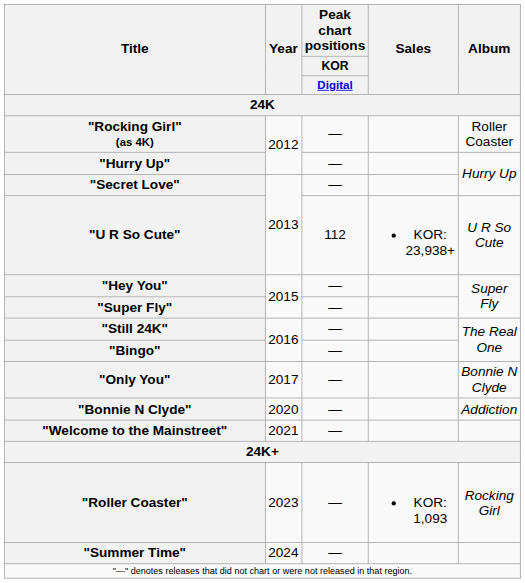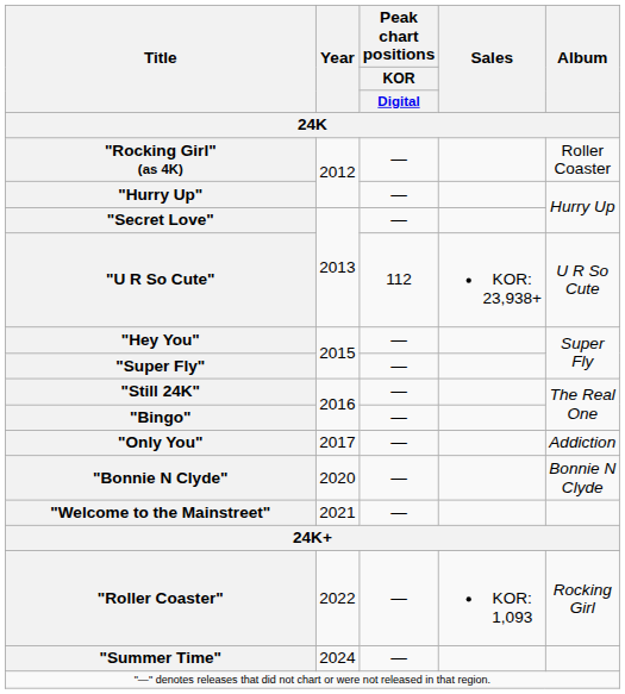 <table class="wikitable plainrowheaders" style="text-align:center;" border="1">
 <tr>
 <th scope="col" rowspan="3" style="width:20em;">Title</th>
 <th scope="col" rowspan="3">Year</th>
 <th scope="col">Peak chart positions</th>
 <th scope="col" rowspan="3">Sales</th>
 <th scope="col" rowspan="3">Album</th>
 </tr>
 <tr>
 <th style="width:3em;font-size:90%">KOR</th>
 </tr>
 <tr>
 <th style="width:3em;font-size:85%"><a href='#'>Digital</a><br></th>
 </tr>
 <tr>
 <th colspan="5">24K</th>
 </tr>
 <tr>
 <th scope="row">"Rocking Girl"<br><small>(as <strong>4K</strong>)</small></th>
 <td rowspan="2">2012</td>
 <td>—</td>
 <td></td>
 <td>Roller Coaster</td>
 </tr>
 <tr>
 <th scope="row">"Hurry Up" </th>
 <td>—</td>
 <td></td>
 <td rowspan="2"><em>Hurry Up</em></td>
 </tr>
 <tr>
 <th scope="row">"Secret Love"</th>
 <td rowspan="2">2013</td>
 <td>—</td>
 <td></td>
 </tr>
 <tr>
 <th scope="row">"U R So Cute" </th>
 <td>112</td>
 <td><br><ul><li>KOR: 23,938+ </li></ul></td>
 <td><em>U R So Cute</em></td>
 </tr>
 <tr>
 <th scope="row">"Hey You" </th>
 <td rowspan="2">2015</td>
 <td>—</td>
 <td></td>
 <td rowspan="2"><em>Super Fly</em></td>
 </tr>
 <tr>
 <th scope="row">"Super Fly" </th>
 <td>—</td>
 <td></td>
 </tr>
 <tr>
 <th scope="row">"Still 24K"</th>
 <td rowspan="2">2016</td>
 <td>—</td>
 <td></td>
 <td rowspan="2"><em>The Real One</em></td>
 </tr>
 <tr>
 <th scope="row">"Bingo"</th>
 <td>—</td>
 <td></td>
 </tr>
 <tr>
 <th scope="row">"Only You" </th>
 <td>2017</td>
 <td>—</td>
 <td></td>
-<td><em>Bonnie N Clyde</em></td>
+<td><em>Addiction</em></td>
 </tr>
 <tr>
 <th scope="row">"Bonnie N Clyde"</th>
 <td>2020</td>
 <td>—</td>
 <td></td>
-<td><em>Addiction</em></td>
+<td><em>Bonnie N Clyde</em></td>
 </tr>
 <tr>
 <th scope="row">"Welcome to the Mainstreet"</th>
 <td>2021</td>
 <td>—</td>
 <td></td>
 <td></td>
 </tr>
 <tr>
 <th colspan="5">24K+</th>
 </tr>
 <tr>
 <th scope="row">"Roller Coaster"</th>
-<td>2023</td>
+<td>2022</td>
 <td>—</td>
 <td><br><ul><li>KOR: 1,093 </li></ul></td>
 <td><em>Rocking Girl</em></td>
 </tr>
 <tr>
 <th scope="row">"Summer Time"</th>
 <td>2024</td>
 <td>—</td>
 <td></td>
 <td></td>
 </tr>
 <tr>
 <td colspan="5" style="font-size:8pt;">"—" denotes releases that did not chart or were not released in that region.</td>
 </tr>
 </table>
